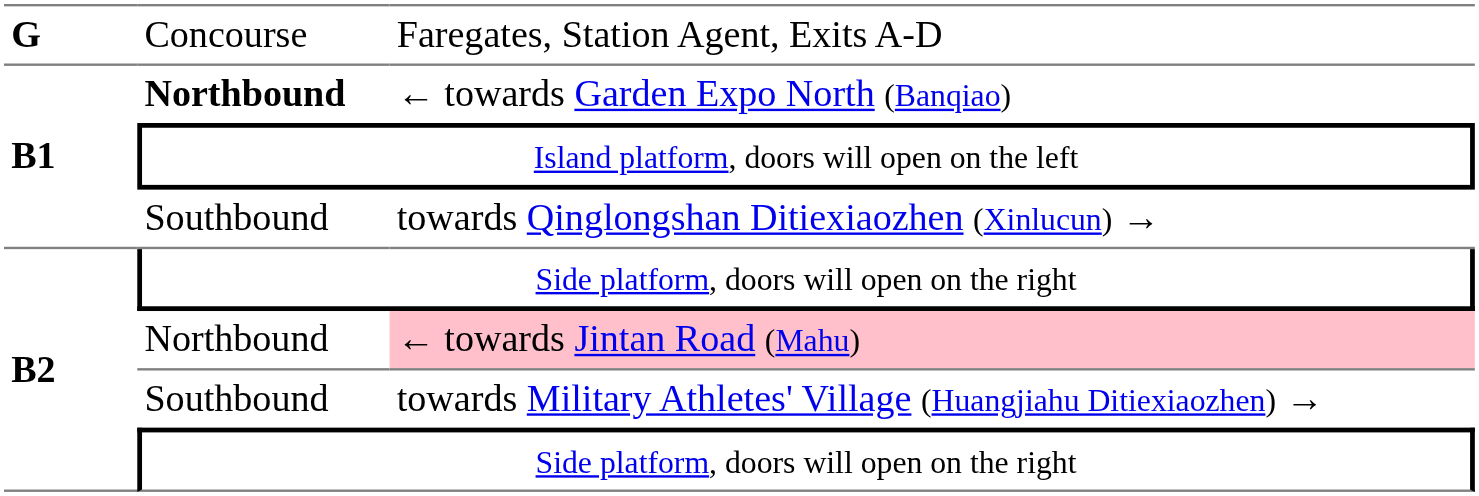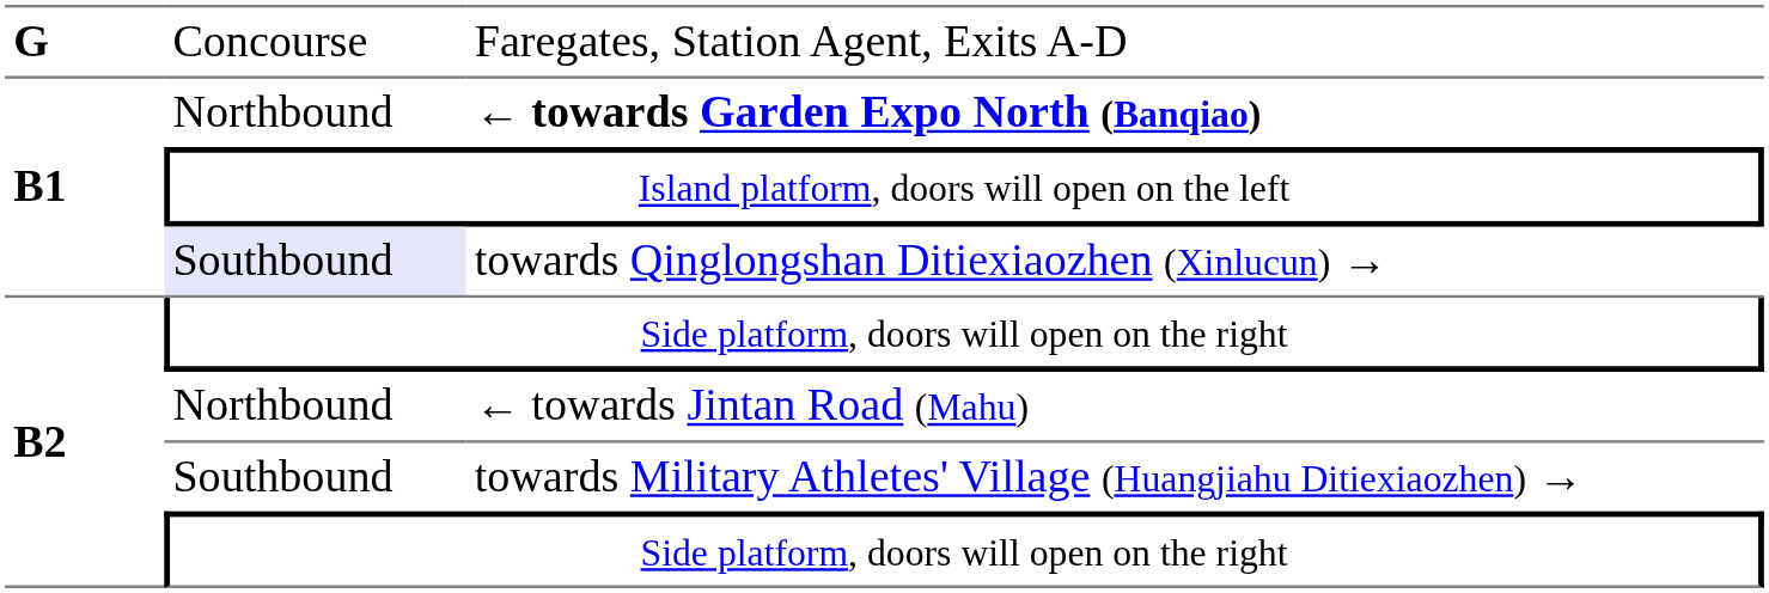 <table table border=0 cellspacing=0 cellpadding=3>
 <tr>
 <td style="border-top:solid 1px gray;border-bottom:solid 1px gray;" width=50><strong>G</strong></td>
 <td style="border-top:solid 1px gray;border-bottom:solid 1px gray;" width=100>Concourse</td>
 <td style="border-top:solid 1px gray;border-bottom:solid 1px gray;" width=450>Faregates, Station Agent, Exits A-D</td>
 </tr>
 <tr>
 <td style="border-bottom:solid 1px gray;" rowspan=3><strong>B1</strong></td>
-<td><strong>Northbound</strong></td>
-<td>←  towards <a href='#'>Garden Expo North</a> <small>(<a href='#'>Banqiao</a>)</small></td>
+<td>Northbound</td>
+<td><strong>←  towards <a href='#'>Garden Expo North</a> <small>(<a href='#'>Banqiao</a>)</small></strong></td>
 </tr>
 <tr>
 <td style="border-right:solid 2px black;border-left:solid 2px black;border-top:solid 2px black;border-bottom:solid 2px black;text-align:center;" colspan=2><small><a href='#'>Island platform</a>, doors will open on the left</small></td>
 </tr>
 <tr>
-<td style="border-bottom:solid 1px gray;">Southbound</td>
+<td style="background: lavender; border-bottom:solid 1px gray;">Southbound</td>
 <td style="border-bottom:solid 1px gray;"> towards <a href='#'>Qinglongshan Ditiexiaozhen</a> <small>(<a href='#'>Xinlucun</a>)</small> →</td>
 </tr>
 <tr>
 <td style="border-bottom:solid 1px gray;" rowspan=4><strong>B2</strong></td>
 <td style="border-right:solid 2px black;border-left:solid 2px black;border-top:solid 0px black;border-bottom:solid 2px black;text-align:center;" colspan=2><small><a href='#'>Side platform</a>, doors will open on the right</small></td>
 </tr>
 <tr>
 <td>Northbound</td>
-<td style="background: pink;">←  towards <a href='#'>Jintan Road</a> <small>(<a href='#'>Mahu</a>)</small></td>
+<td>←  towards <a href='#'>Jintan Road</a> <small>(<a href='#'>Mahu</a>)</small></td>
 </tr>
 <tr>
 <td style="border-top:solid 1px gray;">Southbound</td>
 <td style="border-top:solid 1px gray;"> towards <a href='#'>Military Athletes' Village</a> <small>(<a href='#'>Huangjiahu Ditiexiaozhen</a>)</small> →</td>
 </tr>
 <tr>
 <td style="border-right:solid 2px black;border-left:solid 2px black;border-top:solid 2px black;border-bottom:solid 1px gray;text-align:center;" colspan=2><small><a href='#'>Side platform</a>, doors will open on the right</small></td>
 </tr>
 </table>
